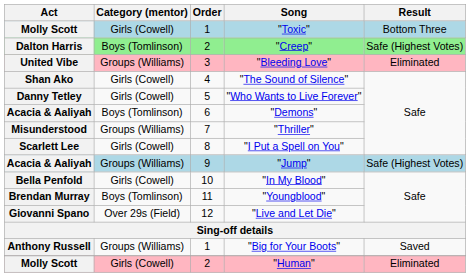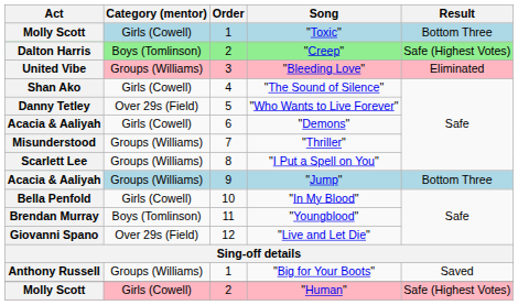 <table class="wikitable plainrowheaders" style="text-align:center;">
 <tr>
 <th scope="col">Act</th>
 <th scope="col">Category (mentor)</th>
 <th scope="col">Order</th>
 <th scope="col">Song</th>
 <th scope="col">Result</th>
 </tr>
 <tr style="background:lightblue;">
 <th scope="row">Molly Scott</th>
 <td>Girls (Cowell)</td>
 <td>1</td>
 <td>"<a href='#'>Toxic</a>"</td>
 <td>Bottom Three</td>
 </tr>
 <tr style="background:lightgreen;">
 <th scope="row">Dalton Harris</th>
 <td>Boys (Tomlinson)</td>
 <td>2</td>
 <td>"<a href='#'>Creep</a>"</td>
 <td>Safe (Highest Votes)</td>
 </tr>
 <tr style="background:lightpink;">
 <th scope="row">United Vibe</th>
 <td>Groups (Williams)</td>
 <td>3</td>
 <td>"<a href='#'>Bleeding Love</a>"</td>
 <td>Eliminated</td>
 </tr>
 <tr>
 <th scope="row">Shan Ako</th>
 <td>Girls (Cowell)</td>
 <td>4</td>
 <td>"<a href='#'>The Sound of Silence</a>"</td>
 <td rowspan=5>Safe</td>
 </tr>
 <tr>
 <th scope="row">Danny Tetley</th>
-<td>Girls (Cowell)</td>
+<td>Over 29s (Field)</td>
 <td>5</td>
 <td>"<a href='#'>Who Wants to Live Forever</a>"</td>
 </tr>
 <tr>
 <th scope="row">Acacia & Aaliyah</th>
-<td>Boys (Tomlinson)</td>
+<td>Girls (Cowell)</td>
 <td>6</td>
 <td>"<a href='#'>Demons</a>"</td>
 </tr>
 <tr>
 <th scope="row">Misunderstood</th>
 <td>Groups (Williams)</td>
 <td>7</td>
 <td>"<a href='#'>Thriller</a>"</td>
 </tr>
 <tr>
 <th scope="row">Scarlett Lee</th>
-<td>Girls (Cowell)</td>
+<td>Groups (Williams)</td>
 <td>8</td>
 <td>"<a href='#'>I Put a Spell on You</a>"</td>
 </tr>
 <tr style="background:lightblue;">
 <th scope="row">Acacia & Aaliyah</th>
 <td>Groups (Williams)</td>
 <td>9</td>
 <td>"<a href='#'>Jump</a>"</td>
-<td>Safe (Highest Votes)</td>
+<td>Bottom Three</td>
 </tr>
 <tr>
 <th scope="row">Bella Penfold</th>
 <td>Girls (Cowell)</td>
 <td>10</td>
 <td>"<a href='#'>In My Blood</a>"</td>
 <td rowspan=3>Safe</td>
 </tr>
 <tr>
 <th scope="row">Brendan Murray</th>
 <td>Boys (Tomlinson)</td>
 <td>11</td>
 <td>"<a href='#'>Youngblood</a>"</td>
 </tr>
 <tr>
 <th scope="row">Giovanni Spano</th>
 <td>Over 29s (Field)</td>
 <td>12</td>
 <td>"<a href='#'>Live and Let Die</a>"</td>
 </tr>
 <tr>
 <th colspan="5">Sing-off details</th>
 </tr>
 <tr>
 <th scope="row">Anthony Russell</th>
 <td>Groups (Williams)</td>
 <td>1</td>
 <td>"<a href='#'>Big for Your Boots</a>"</td>
 <td>Saved</td>
 </tr>
 <tr>
 </tr>
 <tr style="background:lightpink;">
 <th scope="row">Molly Scott</th>
 <td>Girls (Cowell)</td>
 <td>2</td>
 <td>"<a href='#'>Human</a>"</td>
-<td>Eliminated</td>
+<td>Safe (Highest Votes)</td>
 </tr>
 </table>
